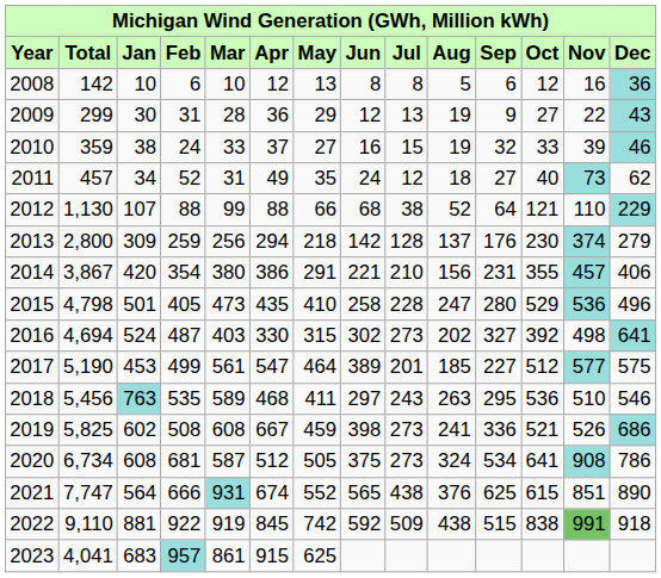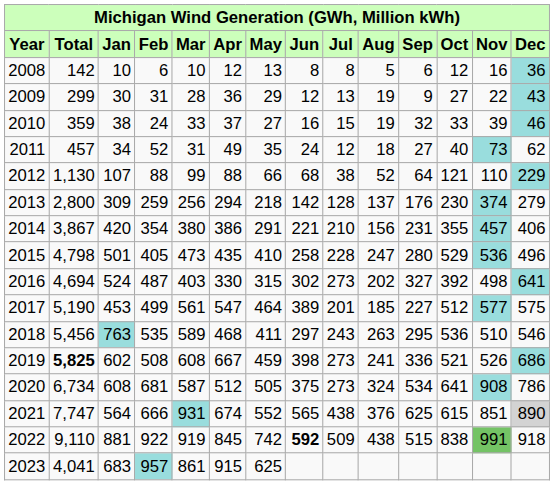 <table class="wikitable" style="text-align:right;">
 <tr>
 <th colspan="14" style="background:#cfb;">Michigan Wind Generation (GWh, Million kWh)</th>
 </tr>
 <tr>
 <th style="background:#cfb;">Year</th>
 <th style="background:#cfb;">Total</th>
 <th style="background:#cfb;">Jan</th>
 <th style="background:#cfb;">Feb</th>
 <th style="background:#cfb;">Mar</th>
 <th style="background:#cfb;">Apr</th>
 <th style="background:#cfb;">May</th>
 <th style="background:#cfb;">Jun</th>
 <th style="background:#cfb;">Jul</th>
 <th style="background:#cfb;">Aug</th>
 <th style="background:#cfb;">Sep</th>
 <th style="background:#cfb;">Oct</th>
 <th style="background:#cfb;">Nov</th>
 <th style="background:#cfb;">Dec</th>
 </tr>
 <tr align=right>
 <td>2008</td>
 <td>142</td>
 <td>10</td>
 <td>6</td>
 <td>10</td>
 <td>12</td>
 <td>13</td>
 <td>8</td>
 <td>8</td>
 <td>5</td>
 <td>6</td>
 <td>12</td>
 <td>16</td>
 <td style="background-color: #9dd;">36</td>
 </tr>
 <tr align=right>
 <td>2009</td>
 <td>299</td>
 <td>30</td>
 <td>31</td>
 <td>28</td>
 <td>36</td>
 <td>29</td>
 <td>12</td>
 <td>13</td>
 <td>19</td>
 <td>9</td>
 <td>27</td>
 <td>22</td>
 <td style="background-color: #9dd;">43</td>
 </tr>
 <tr align=right>
 <td>2010</td>
 <td>359</td>
 <td>38</td>
 <td>24</td>
 <td>33</td>
 <td>37</td>
 <td>27</td>
 <td>16</td>
 <td>15</td>
 <td>19</td>
 <td>32</td>
 <td>33</td>
 <td>39</td>
 <td style="background-color: #9dd;">46</td>
 </tr>
 <tr align=right>
 <td>2011</td>
 <td>457</td>
 <td>34</td>
 <td>52</td>
 <td>31</td>
 <td>49</td>
 <td>35</td>
 <td>24</td>
 <td>12</td>
 <td>18</td>
 <td>27</td>
 <td>40</td>
 <td style="background-color: #9dd;">73</td>
 <td>62</td>
 </tr>
 <tr align=right>
 <td>2012</td>
 <td>1,130</td>
 <td>107</td>
 <td>88</td>
 <td>99</td>
 <td>88</td>
 <td>66</td>
 <td>68</td>
 <td>38</td>
 <td>52</td>
 <td>64</td>
 <td>121</td>
 <td>110</td>
 <td style="background-color: #9dd;">229</td>
 </tr>
 <tr align=right>
 <td>2013</td>
 <td>2,800</td>
 <td>309</td>
 <td>259</td>
 <td>256</td>
 <td>294</td>
 <td>218</td>
 <td>142</td>
 <td>128</td>
 <td>137</td>
 <td>176</td>
 <td>230</td>
 <td style="background-color: #9dd;">374</td>
 <td>279</td>
 </tr>
 <tr align=right>
 <td>2014</td>
 <td>3,867</td>
 <td>420</td>
 <td>354</td>
 <td>380</td>
 <td>386</td>
 <td>291</td>
 <td>221</td>
 <td>210</td>
 <td>156</td>
 <td>231</td>
 <td>355</td>
 <td style="background-color: #9dd;">457</td>
 <td>406</td>
 </tr>
 <tr align=right>
 <td>2015</td>
 <td>4,798</td>
 <td>501</td>
 <td>405</td>
 <td>473</td>
 <td>435</td>
 <td>410</td>
 <td>258</td>
 <td>228</td>
 <td>247</td>
 <td>280</td>
 <td>529</td>
 <td style="background-color: #9dd;">536</td>
 <td>496</td>
 </tr>
 <tr align=right>
 <td>2016</td>
 <td>4,694</td>
 <td>524</td>
 <td>487</td>
 <td>403</td>
 <td>330</td>
 <td>315</td>
 <td>302</td>
 <td>273</td>
 <td>202</td>
 <td>327</td>
 <td>392</td>
 <td>498</td>
 <td style="background-color: #9dd;">641</td>
 </tr>
 <tr align=right>
 <td>2017</td>
 <td>5,190</td>
 <td>453</td>
 <td>499</td>
 <td>561</td>
 <td>547</td>
 <td>464</td>
 <td>389</td>
 <td>201</td>
 <td>185</td>
 <td>227</td>
 <td>512</td>
 <td style="background-color: #9dd;">577</td>
 <td>575</td>
 </tr>
 <tr align=right>
 <td>2018</td>
 <td>5,456</td>
 <td style="background-color: #9dd;">763</td>
 <td>535</td>
 <td>589</td>
 <td>468</td>
 <td>411</td>
 <td>297</td>
 <td>243</td>
 <td>263</td>
 <td>295</td>
 <td>536</td>
 <td>510</td>
 <td>546</td>
 </tr>
 <tr align=right>
 <td>2019</td>
-<td>5,825</td>
+<td><strong>5,825</strong></td>
 <td>602</td>
 <td>508</td>
 <td>608</td>
 <td>667</td>
 <td>459</td>
 <td>398</td>
 <td>273</td>
 <td>241</td>
 <td>336</td>
 <td>521</td>
 <td>526</td>
 <td style="background-color: #9dd;">686</td>
 </tr>
 <tr align=right>
 <td>2020</td>
 <td>6,734</td>
 <td>608</td>
 <td>681</td>
 <td>587</td>
 <td>512</td>
 <td>505</td>
 <td>375</td>
 <td>273</td>
 <td>324</td>
 <td>534</td>
 <td>641</td>
 <td style="background-color: #9dd;">908</td>
 <td>786</td>
 </tr>
 <tr align=right>
 <td>2021</td>
 <td>7,747</td>
 <td>564</td>
 <td>666</td>
 <td style="background-color: #9dd;">931</td>
 <td>674</td>
 <td>552</td>
 <td>565</td>
 <td>438</td>
 <td>376</td>
 <td>625</td>
 <td>615</td>
 <td>851</td>
-<td>890</td>
+<td style="background: lightgrey;">890</td>
 </tr>
 <tr align=right>
 <td>2022</td>
 <td>9,110</td>
 <td>881</td>
 <td>922</td>
 <td>919</td>
 <td>845</td>
 <td>742</td>
-<td>592</td>
+<td><strong>592</strong></td>
 <td>509</td>
 <td>438</td>
 <td>515</td>
 <td>838</td>
 <td style="background-color: #74C365">991</td>
 <td>918</td>
 </tr>
 <tr align=right>
 <td>2023</td>
 <td>4,041</td>
 <td>683</td>
 <td style="background-color: #9dd;">957</td>
 <td>861</td>
 <td>915</td>
 <td>625</td>
 <td></td>
 <td></td>
 <td></td>
 <td></td>
 <td></td>
 <td></td>
 <td></td>
 </tr>
 </table>
